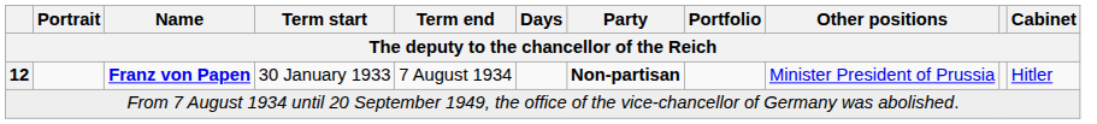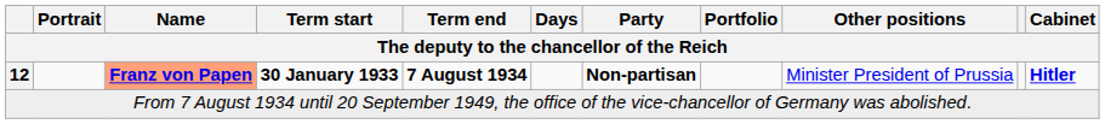 <table class="wikitable sortable">
 <tr>
 <th class="unsortable"></th>
 <th class="unsortable">Portrait</th>
 <th>Name</th>
 <th data-sort-type="date">Term start</th>
 <th data-sort-type="date">Term end</th>
 <th>Days</th>
 <th>Party</th>
 <th>Portfolio</th>
 <th>Other positions</th>
 <th class="unsortable"></th>
 <th>Cabinet</th>
 </tr>
 <tr>
 <th colspan="15">The deputy to the chancellor of the Reich</th>
 </tr>
 <tr>
 <th style="background:">12</th>
 <td></td>
-<td><strong><a href='#'>Franz von Papen</a></strong><br></td>
-<td>30 January 1933</td>
-<td>7 August 1934</td>
+<td style="background: lightsalmon;"><strong><a href='#'>Franz von Papen</a></strong><br></td>
+<td><strong>30 January 1933</strong></td>
+<td><strong>7 August 1934</strong></td>
 <td></td>
 <td><strong>Non-partisan</strong></td>
 <td></td>
 <td><a href='#'>Minister President of Prussia</a><br></td>
 <td style="background:"></td>
-<td><a href='#'>Hitler</a></td>
+<td><strong><a href='#'>Hitler</a></strong></td>
 </tr>
 <tr>
 <td style="text-align:center;" bgcolor=#EEEEEE colspan=15><em>From 7 August 1934 until 20 September 1949, the office of the vice-chancellor of Germany was abolished</em>.</td>
 </tr>
 </table>
